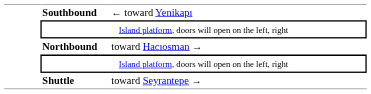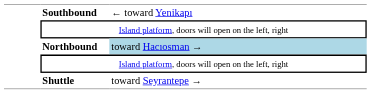 <table cellspacing="0" cellpadding="3">
 <tr>
 <td style="border-bottom:solid 1px gray;border-top:solid 1px gray;vertical-align:top;" width=50 rowspan=5></td>
 <td style="border-top:solid 1px gray;" width=100><strong>Southbound</strong></td>
 <td style="border-top:solid 1px gray;" width=390>←  toward <a href='#'>Yenikapı</a></td>
 </tr>
 <tr>
 <td style="border-top:solid 2px black;border-right:solid 2px black;border-left:solid 2px black;border-bottom:solid 2px black;text-align:center;" colspan=2><small><a href='#'>Island platform</a>, doors will open on the left, right </small></td>
 </tr>
 <tr>
 <td style="border-bottom:solid 1px gray;"><strong>Northbound</strong></td>
-<td style="border-bottom:solid 1px gray;"> toward <a href='#'>Hacıosman</a> →</td>
+<td style="background: lightblue; border-bottom:solid 1px gray;"> toward <a href='#'>Hacıosman</a> →</td>
 </tr>
 <tr>
 <td style="border-top:solid 2px black;border-right:solid 2px black;border-left:solid 2px black;border-bottom:solid 2px black;text-align:center;" colspan=2><small><a href='#'>Island platform</a>, doors will open on the left, right </small></td>
 </tr>
 <tr>
 <td style="border-bottom:solid 1px gray;"><strong>Shuttle</strong></td>
 <td style="border-bottom:solid 1px gray;"> toward <a href='#'>Seyrantepe</a> →</td>
 </tr>
 </table>
